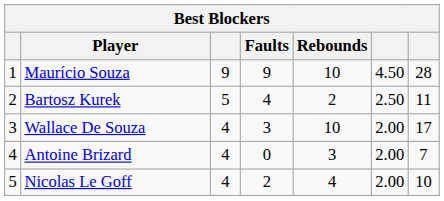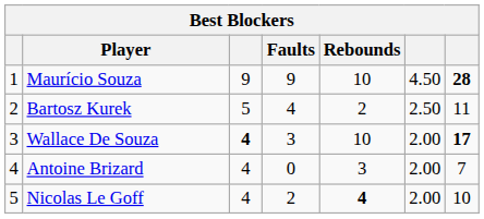 <table class="wikitable sortable" style=font-size:90%>
 <tr>
 <th colspan=7>Best Blockers</th>
 </tr>
 <tr>
 <th></th>
 <th width=158>Player</th>
 <th width=20></th>
 <th width=20>Faults</th>
 <th width=20>Rebounds</th>
 <th width=20></th>
 <th width=20></th>
 </tr>
 <tr>
 <td>1</td>
 <td> <a href='#'>Maurício Souza</a></td>
 <td align=center>9</td>
 <td align=center>9</td>
 <td align=center>10</td>
 <td align=center>4.50</td>
-<td align=center>28</td>
+<td align=center><strong>28</strong></td>
 </tr>
 <tr>
 <td>2</td>
 <td> <a href='#'>Bartosz Kurek</a></td>
 <td align=center>5</td>
 <td align=center>4</td>
 <td align=center>2</td>
 <td align=center>2.50</td>
 <td align=center>11</td>
 </tr>
 <tr>
 <td>3</td>
 <td> <a href='#'>Wallace De Souza</a></td>
-<td align=center>4</td>
+<td align=center><strong>4</strong></td>
 <td align=center>3</td>
 <td align=center>10</td>
 <td align=center>2.00</td>
-<td align=center>17</td>
+<td align=center><strong>17</strong></td>
 </tr>
 <tr>
 <td>4</td>
 <td> <a href='#'>Antoine Brizard</a></td>
 <td align=center>4</td>
 <td align=center>0</td>
 <td align=center>3</td>
 <td align=center>2.00</td>
 <td align=center>7</td>
 </tr>
 <tr>
 <td>5</td>
 <td> <a href='#'>Nicolas Le Goff</a></td>
 <td align=center>4</td>
 <td align=center>2</td>
-<td align=center>4</td>
+<td align=center><strong>4</strong></td>
 <td align=center>2.00</td>
 <td align=center>10</td>
 </tr>
 </table>
